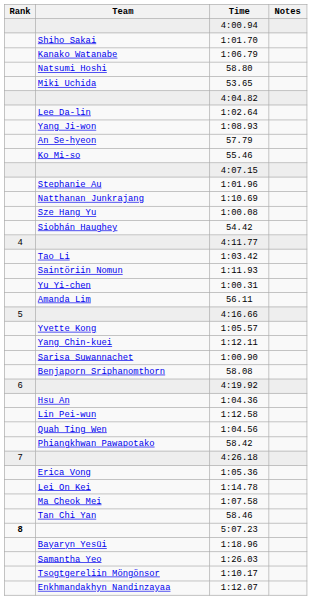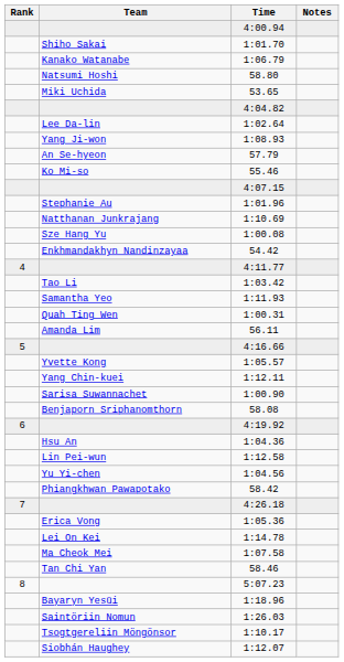 <table class="wikitable" style="text-align:center">
 <tr>
 <th width=40>Rank</th>
 <th width=250>Team</th>
 <th width=80>Time</th>
 <th width=50>Notes</th>
 </tr>
 <tr bgcolor=eeeeee>
 <td></td>
 <td align=left></td>
 <td>4:00.94</td>
 <td></td>
 </tr>
 <tr>
 <td></td>
 <td align=left><a href='#'>Shiho Sakai</a></td>
 <td>1:01.70</td>
 <td></td>
 </tr>
 <tr>
 <td></td>
 <td align=left><a href='#'>Kanako Watanabe</a></td>
 <td>1:06.79</td>
 <td></td>
 </tr>
 <tr>
 <td></td>
 <td align=left><a href='#'>Natsumi Hoshi</a></td>
 <td>58.80</td>
 <td></td>
 </tr>
 <tr>
 <td></td>
 <td align=left><a href='#'>Miki Uchida</a></td>
 <td>53.65</td>
 <td></td>
 </tr>
 <tr bgcolor=eeeeee>
 <td></td>
 <td align=left></td>
 <td>4:04.82</td>
 <td></td>
 </tr>
 <tr>
 <td></td>
 <td align=left><a href='#'>Lee Da-lin</a></td>
 <td>1:02.64</td>
 <td></td>
 </tr>
 <tr>
 <td></td>
 <td align=left><a href='#'>Yang Ji-won</a></td>
 <td>1:08.93</td>
 <td></td>
 </tr>
 <tr>
 <td></td>
 <td align=left><a href='#'>An Se-hyeon</a></td>
 <td>57.79</td>
 <td></td>
 </tr>
 <tr>
 <td></td>
 <td align=left><a href='#'>Ko Mi-so</a></td>
 <td>55.46</td>
 <td></td>
 </tr>
 <tr bgcolor=eeeeee>
 <td></td>
 <td align=left></td>
 <td>4:07.15</td>
 <td></td>
 </tr>
 <tr>
 <td></td>
 <td align=left><a href='#'>Stephanie Au</a></td>
 <td>1:01.96</td>
 <td></td>
 </tr>
 <tr>
 <td></td>
 <td align=left><a href='#'>Natthanan Junkrajang</a></td>
 <td>1:10.69</td>
 <td></td>
 </tr>
 <tr>
 <td></td>
 <td align=left><a href='#'>Sze Hang Yu</a></td>
 <td>1:00.08</td>
 <td></td>
 </tr>
 <tr>
 <td></td>
-<td align=left><a href='#'>Siobhán Haughey</a></td>
+<td align=left><a href='#'>Enkhmandakhyn Nandinzayaa</a></td>
 <td>54.42</td>
 <td></td>
 </tr>
 <tr bgcolor=eeeeee>
 <td>4</td>
 <td align=left></td>
 <td>4:11.77</td>
 <td></td>
 </tr>
 <tr>
 <td></td>
 <td align=left><a href='#'>Tao Li</a></td>
 <td>1:03.42</td>
 <td></td>
 </tr>
 <tr>
 <td></td>
-<td align=left><a href='#'>Saintöriin Nomun</a></td>
+<td align=left><a href='#'>Samantha Yeo</a></td>
 <td>1:11.93</td>
 <td></td>
 </tr>
 <tr>
 <td></td>
-<td align=left><a href='#'>Yu Yi-chen</a></td>
+<td align=left><a href='#'>Quah Ting Wen</a></td>
 <td>1:00.31</td>
 <td></td>
 </tr>
 <tr>
 <td></td>
 <td align=left><a href='#'>Amanda Lim</a></td>
 <td>56.11</td>
 <td></td>
 </tr>
 <tr bgcolor=eeeeee>
 <td>5</td>
 <td align=left></td>
 <td>4:16.66</td>
 <td></td>
 </tr>
 <tr>
 <td></td>
 <td align=left><a href='#'>Yvette Kong</a></td>
 <td>1:05.57</td>
 <td></td>
 </tr>
 <tr>
 <td></td>
 <td align=left><a href='#'>Yang Chin-kuei</a></td>
 <td>1:12.11</td>
 <td></td>
 </tr>
 <tr>
 <td></td>
 <td align=left><a href='#'>Sarisa Suwannachet</a></td>
 <td>1:00.90</td>
 <td></td>
 </tr>
 <tr>
 <td></td>
 <td align=left><a href='#'>Benjaporn Sriphanomthorn</a></td>
 <td>58.08</td>
 <td></td>
 </tr>
 <tr bgcolor=eeeeee>
 <td>6</td>
 <td align=left></td>
 <td>4:19.92</td>
 <td></td>
 </tr>
 <tr>
 <td></td>
 <td align=left><a href='#'>Hsu An</a></td>
 <td>1:04.36</td>
 <td></td>
 </tr>
 <tr>
 <td></td>
 <td align=left><a href='#'>Lin Pei-wun</a></td>
 <td>1:12.58</td>
 <td></td>
 </tr>
 <tr>
 <td></td>
-<td align=left><a href='#'>Quah Ting Wen</a></td>
+<td align=left><a href='#'>Yu Yi-chen</a></td>
 <td>1:04.56</td>
 <td></td>
 </tr>
 <tr>
 <td></td>
 <td align=left><a href='#'>Phiangkhwan Pawapotako</a></td>
 <td>58.42</td>
 <td></td>
 </tr>
 <tr bgcolor=eeeeee>
 <td>7</td>
 <td align=left></td>
 <td>4:26.18</td>
 <td></td>
 </tr>
 <tr>
 <td></td>
 <td align=left><a href='#'>Erica Vong</a></td>
 <td>1:05.36</td>
 <td></td>
 </tr>
 <tr>
 <td></td>
 <td align=left><a href='#'>Lei On Kei</a></td>
 <td>1:14.78</td>
 <td></td>
 </tr>
 <tr>
 <td></td>
 <td align=left><a href='#'>Ma Cheok Mei</a></td>
 <td>1:07.58</td>
 <td></td>
 </tr>
 <tr>
 <td></td>
 <td align=left><a href='#'>Tan Chi Yan</a></td>
 <td>58.46</td>
 <td></td>
 </tr>
 <tr>
-<td><strong>8</strong></td>
+<td>8</td>
 <td align=left></td>
 <td>5:07.23</td>
 <td></td>
 </tr>
 <tr>
 <td></td>
 <td align=left><a href='#'>Bayaryn Yesüi</a></td>
 <td>1:18.96</td>
 <td></td>
 </tr>
 <tr>
 <td></td>
-<td align=left><a href='#'>Samantha Yeo</a></td>
+<td align=left><a href='#'>Saintöriin Nomun</a></td>
 <td>1:26.03</td>
 <td></td>
 </tr>
 <tr>
 <td></td>
 <td align=left><a href='#'>Tsogtgereliin Möngönsor</a></td>
 <td>1:10.17</td>
 <td></td>
 </tr>
 <tr>
 <td></td>
-<td align=left><a href='#'>Enkhmandakhyn Nandinzayaa</a></td>
+<td align=left><a href='#'>Siobhán Haughey</a></td>
 <td>1:12.07</td>
 <td></td>
 </tr>
 </table>
